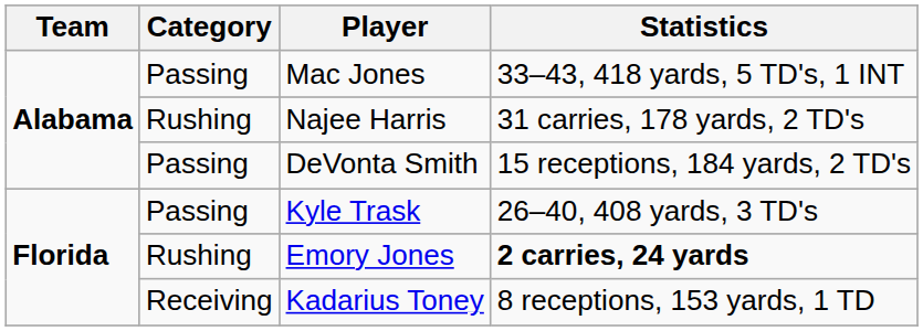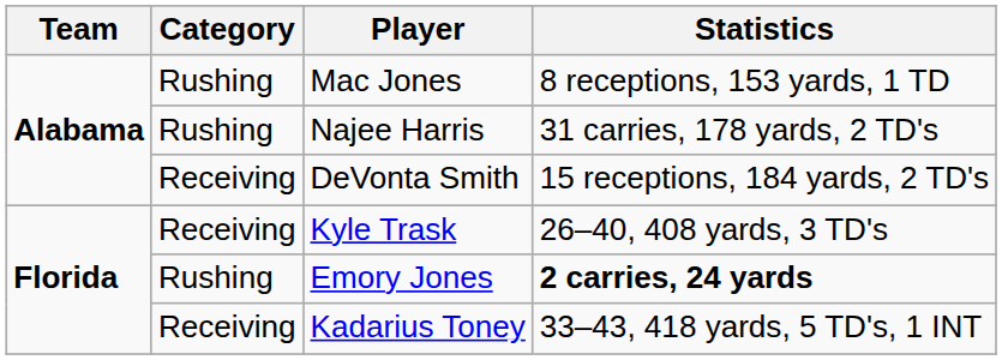 <table class="wikitable" style="float: right;">
 <tr>
 <th>Team</th>
 <th>Category</th>
 <th>Player</th>
 <th>Statistics</th>
 </tr>
 <tr>
 <td rowspan=3><strong>Alabama</strong></td>
-<td>Passing</td>
+<td>Rushing</td>
 <td>Mac Jones</td>
-<td>33–43, 418 yards, 5 TD's, 1 INT</td>
+<td>8 receptions, 153 yards, 1 TD</td>
 </tr>
 <tr>
 <td>Rushing</td>
 <td>Najee Harris</td>
 <td>31 carries, 178 yards, 2 TD's</td>
 </tr>
 <tr>
-<td>Passing</td>
+<td>Receiving</td>
 <td>DeVonta Smith</td>
 <td>15 receptions, 184 yards, 2 TD's</td>
 </tr>
 <tr>
 <td rowspan=3><strong>Florida</strong></td>
-<td>Passing</td>
+<td>Receiving</td>
 <td><a href='#'>Kyle Trask</a></td>
 <td>26–40, 408 yards, 3 TD's</td>
 </tr>
 <tr>
 <td>Rushing</td>
 <td><a href='#'>Emory Jones</a></td>
 <td><strong>2 carries, 24 yards</strong></td>
 </tr>
 <tr>
 <td>Receiving</td>
 <td><a href='#'>Kadarius Toney</a></td>
-<td>8 receptions, 153 yards, 1 TD</td>
+<td>33–43, 418 yards, 5 TD's, 1 INT</td>
 </tr>
 </table>
